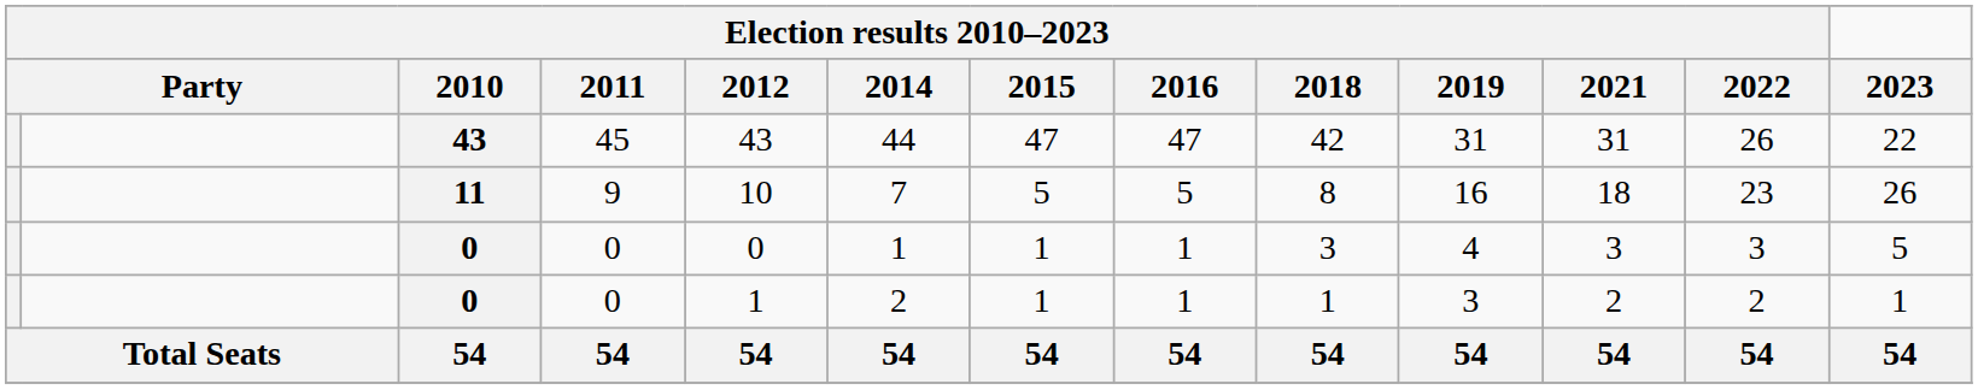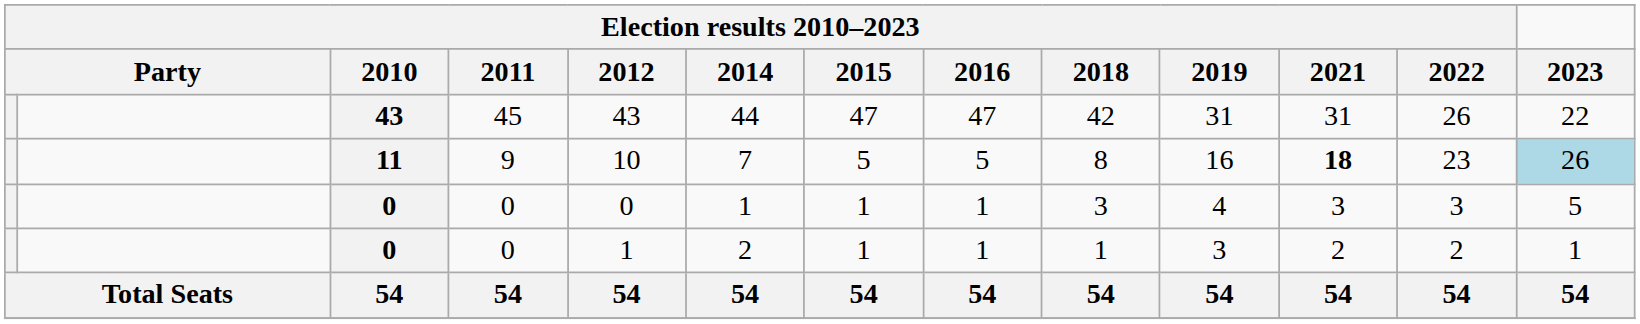 <table class="wikitable" style="">
 <tr>
 <th colspan="12">Election results 2010–2023</th>
 </tr>
 <tr>
 <th colspan="2">Party</th>
 <th align="center">2010</th>
 <th style="width: 50px">2011</th>
 <th style="width: 50px">2012</th>
 <th style="width: 50px">2014</th>
 <th style="width: 50px">2015</th>
 <th style="width: 50px">2016</th>
 <th style="width: 50px">2018</th>
 <th style="width: 50px">2019</th>
 <th style="width: 50px">2021</th>
 <th style="width: 50px">2022</th>
 <th style="width: 50px">2023</th>
 </tr>
 <tr>
 <th style="background-color: "></th>
 <td style="width: 170px"><a href='#'></a></td>
 <th align="center">43</th>
 <td align="center">45</td>
 <td align="center">43</td>
 <td align="center">44</td>
 <td align="center">47</td>
 <td align="center">47</td>
 <td align="center">42</td>
 <td align="center">31</td>
 <td align="center">31</td>
 <td align="center">26</td>
 <td align="center">22</td>
 </tr>
 <tr>
 <th style="background-color: "></th>
 <td style="width: 170px"><a href='#'></a></td>
 <th align="center">11</th>
 <td align="center">9</td>
 <td align="center">10</td>
 <td align="center">7</td>
 <td align="center">5</td>
 <td align="center">5</td>
 <td align="center">8</td>
 <td align="center">16</td>
-<td align="center">18</td>
+<td align="center"><strong>18</strong></td>
 <td align="center">23</td>
-<td align="center">26</td>
+<td align="center" style="background: lightblue;">26</td>
 </tr>
 <tr>
 <th style="background-color: "></th>
 <td style="width: 170px"><a href='#'></a></td>
 <th align="center">0</th>
 <td align="center">0</td>
 <td align="center">0</td>
 <td align="center">1</td>
 <td align="center">1</td>
 <td align="center">1</td>
 <td align="center">3</td>
 <td align="center">4</td>
 <td align="center">3</td>
 <td align="center">3</td>
 <td align="center">5</td>
 </tr>
 <tr>
 <th style="background-color: "></th>
 <td style="width: 170px"></td>
 <th align="center">0</th>
 <td align="center">0</td>
 <td align="center">1</td>
 <td align="center">2</td>
 <td align="center">1</td>
 <td align="center">1</td>
 <td align="center">1</td>
 <td align="center">3</td>
 <td align="center">2</td>
 <td align="center">2</td>
 <td align="center">1</td>
 </tr>
 <tr>
 <th colspan="2">Total Seats</th>
 <th style="width: 60px">54</th>
 <th style="width: 60px">54</th>
 <th style="width: 60px">54</th>
 <th style="width: 60px">54</th>
 <th style="width: 60px">54</th>
 <th style="width: 60px">54</th>
 <th style="width: 60px">54</th>
 <th style="width: 60px">54</th>
 <th style="width: 60px">54</th>
 <th style="width: 60px">54</th>
 <th style="width: 60px">54</th>
 </tr>
 <tr>
 </tr>
 </table>
